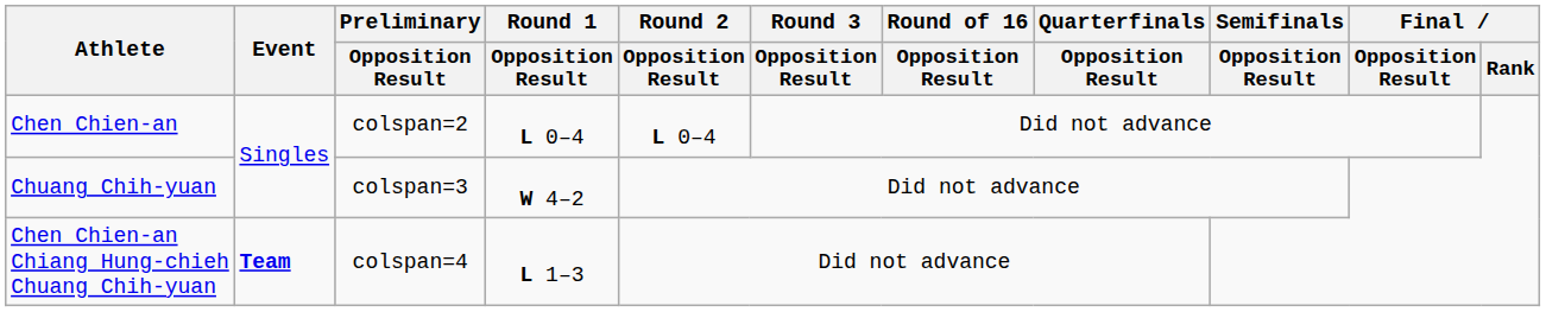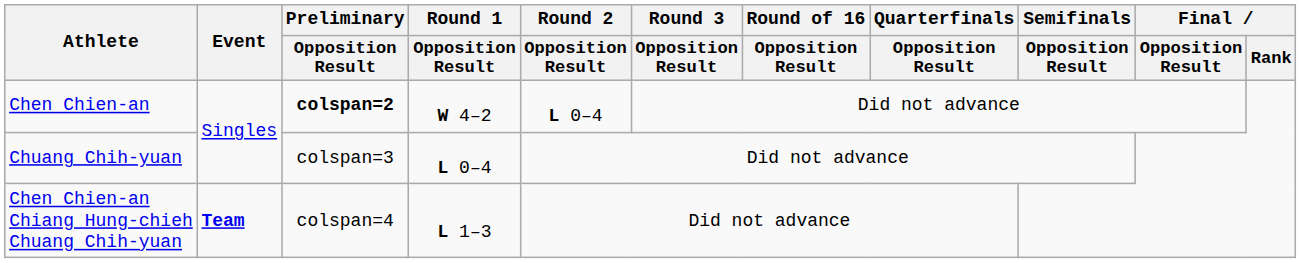 <table class="wikitable" style="font-size:90%;">
 <tr>
 <th rowspan=2>Athlete</th>
 <th rowspan=2>Event</th>
 <th>Preliminary</th>
 <th>Round 1</th>
 <th>Round 2</th>
 <th>Round 3</th>
 <th>Round of 16</th>
 <th>Quarterfinals</th>
 <th>Semifinals</th>
 <th colspan=2>Final / </th>
 </tr>
 <tr style="font-size:95%">
 <th>Opposition<br>Result</th>
 <th>Opposition<br>Result</th>
 <th>Opposition<br>Result</th>
 <th>Opposition<br>Result</th>
 <th>Opposition<br>Result</th>
 <th>Opposition<br>Result</th>
 <th>Opposition<br>Result</th>
 <th>Opposition<br>Result</th>
 <th>Rank</th>
 </tr>
 <tr align=center>
 <td align=left><a href='#'>Chen Chien-an</a></td>
 <td align=left rowspan=2><a href='#'>Singles</a></td>
-<td>colspan=2 </td>
-<td><br><strong>L</strong> 0–4</td>
+<td><strong>colspan=2 </strong></td>
+<td><br><strong>W</strong> 4–2</td>
 <td><br><strong>L</strong> 0–4</td>
 <td colspan=5>Did not advance</td>
 </tr>
 <tr align=center>
 <td align=left><a href='#'>Chuang Chih-yuan</a></td>
 <td>colspan=3 </td>
-<td><br><strong>W</strong> 4–2</td>
+<td><br><strong>L</strong> 0–4</td>
 <td colspan=5>Did not advance</td>
 </tr>
 <tr align=center>
 <td align=left><a href='#'>Chen Chien-an</a><br><a href='#'>Chiang Hung-chieh</a><br><a href='#'>Chuang Chih-yuan</a></td>
 <td align=left><strong><a href='#'>Team</a></strong></td>
 <td>colspan=4 </td>
 <td><br><strong>L</strong> 1–3</td>
 <td colspan="4">Did not advance</td>
 </tr>
 </table>
